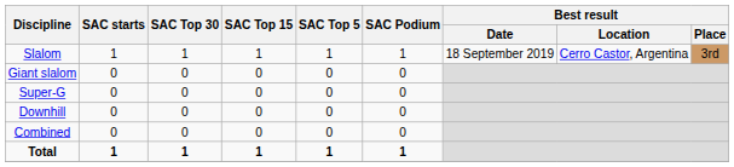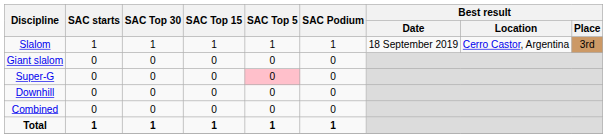 <table class="wikitable" style="text-align:center; font-size:95%;">
 <tr>
 <th rowspan=2>Discipline</th>
 <th rowspan=2>SAC starts</th>
 <th rowspan=2>SAC Top 30</th>
 <th rowspan=2>SAC Top 15</th>
 <th rowspan=2>SAC Top 5</th>
 <th rowspan=2>SAC Podium</th>
 <th colspan=3>Best result</th>
 </tr>
 <tr>
 <th>Date</th>
 <th>Location</th>
 <th>Place</th>
 </tr>
 <tr>
 <td align=center><a href='#'>Slalom</a></td>
 <td align=center>1</td>
 <td align=center>1</td>
 <td align=center>1</td>
 <td align=center>1</td>
 <td align=center>1</td>
 <td align=left>18 September 2019</td>
 <td align=left> <a href='#'>Cerro Castor</a>, Argentina</td>
 <td bgcolor="cc9966">3rd</td>
 </tr>
 <tr>
 <td align=center><a href='#'>Giant slalom</a></td>
 <td align=center>0</td>
 <td align=center>0</td>
 <td align=center>0</td>
 <td align=center>0</td>
 <td align=center>0</td>
 <td colspan=3 bgcolor=#DCDCDC></td>
 </tr>
 <tr>
 <td align=center><a href='#'>Super-G</a></td>
 <td align=center>0</td>
 <td align=center>0</td>
 <td align=center>0</td>
-<td align=center>0</td>
+<td align=center style="background: pink;">0</td>
 <td align=center>0</td>
 <td colspan=3 bgcolor=#DCDCDC></td>
 </tr>
 <tr>
 <td align=center><a href='#'>Downhill</a></td>
 <td align=center>0</td>
 <td align=center>0</td>
 <td align=center>0</td>
 <td align=center>0</td>
 <td align=center>0</td>
 <td colspan=3 bgcolor=#DCDCDC></td>
 </tr>
 <tr>
 <td align=center><a href='#'>Combined</a></td>
 <td align=center>0</td>
 <td align=center>0</td>
 <td align=center>0</td>
 <td align=center>0</td>
 <td align=center>0</td>
 <td colspan=3 bgcolor=#DCDCDC></td>
 </tr>
 <tr>
 <td align=center><strong>Total</strong></td>
 <td align=center><strong>1</strong></td>
 <td align=center><strong>1</strong></td>
 <td align=center><strong>1</strong></td>
 <td align=center><strong>1</strong></td>
 <td align=center><strong>1</strong></td>
 <td colspan=3 bgcolor=#DCDCDC></td>
 </tr>
 <tr>
 </tr>
 </table>
